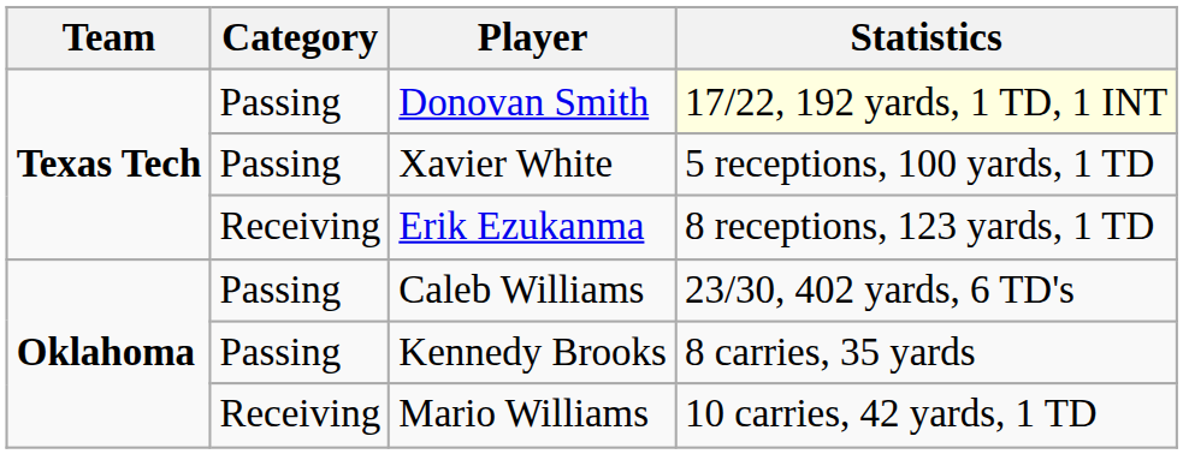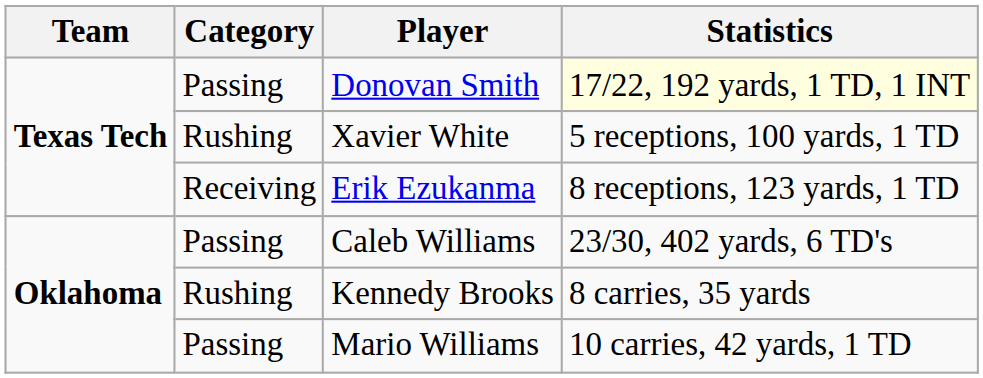 <table class="wikitable" style="float: right;">
 <tr>
 <th>Team</th>
 <th>Category</th>
 <th>Player</th>
 <th>Statistics</th>
 </tr>
 <tr>
 <td rowspan=3><strong>Texas Tech</strong></td>
 <td>Passing</td>
 <td><a href='#'>Donovan Smith</a></td>
 <td style="background: lightyellow;">17/22, 192 yards, 1 TD, 1 INT</td>
 </tr>
 <tr>
-<td>Passing</td>
+<td>Rushing</td>
 <td>Xavier White</td>
 <td>5 receptions, 100 yards, 1 TD</td>
 </tr>
 <tr>
 <td>Receiving</td>
 <td><a href='#'>Erik Ezukanma</a></td>
 <td>8 receptions, 123 yards, 1 TD</td>
 </tr>
 <tr>
 <td rowspan=3><strong>Oklahoma</strong></td>
 <td>Passing</td>
 <td>Caleb Williams</td>
 <td>23/30, 402 yards, 6 TD's</td>
 </tr>
 <tr>
-<td>Passing</td>
+<td>Rushing</td>
 <td>Kennedy Brooks</td>
 <td>8 carries, 35 yards</td>
 </tr>
 <tr>
-<td>Receiving</td>
+<td>Passing</td>
 <td>Mario Williams</td>
 <td>10 carries, 42 yards, 1 TD</td>
 </tr>
 </table>
